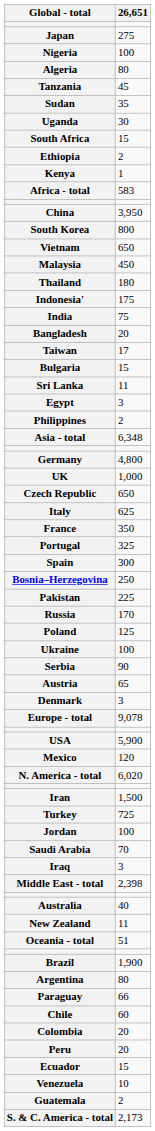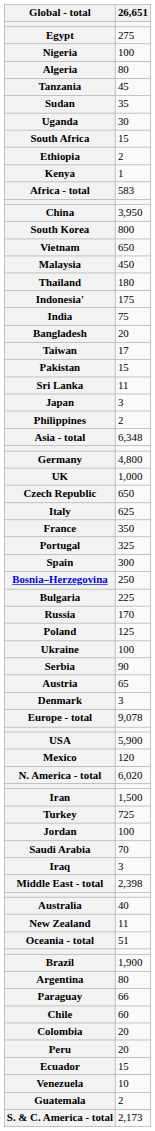 <table class="wikitable sortable collapsible">
 <tr>
 <th>Global - total</th>
 <th>26,651</th>
 </tr>
 <tr>
 <th></th>
 <td></td>
 </tr>
 <tr>
-<th>Japan</th>
+<th>Egypt</th>
 <td>275</td>
 </tr>
 <tr>
 <th>Nigeria</th>
 <td>100</td>
 </tr>
 <tr>
 <th>Algeria</th>
 <td>80</td>
 </tr>
 <tr>
 <th>Tanzania</th>
 <td>45</td>
 </tr>
 <tr>
 <th>Sudan</th>
 <td>35</td>
 </tr>
 <tr>
 <th>Uganda</th>
 <td>30</td>
 </tr>
 <tr>
 <th>South Africa</th>
 <td>15</td>
 </tr>
 <tr>
 <th>Ethiopia</th>
 <td>2</td>
 </tr>
 <tr>
 <th>Kenya</th>
 <td>1</td>
 </tr>
 <tr>
 <th>Africa - total</th>
 <td>583</td>
 </tr>
 <tr>
 <th></th>
 <td></td>
 </tr>
 <tr>
 <th>China</th>
 <td>3,950</td>
 </tr>
 <tr>
 <th>South Korea</th>
 <td>800</td>
 </tr>
 <tr>
 <th>Vietnam</th>
 <td>650</td>
 </tr>
 <tr>
 <th>Malaysia</th>
 <td>450</td>
 </tr>
 <tr>
 <th>Thailand</th>
 <td>180</td>
 </tr>
 <tr>
 <th>Indonesia'</th>
 <td>175</td>
 </tr>
 <tr>
 <th>India</th>
 <td>75</td>
 </tr>
 <tr>
 <th>Bangladesh</th>
 <td>20</td>
 </tr>
 <tr>
 <th>Taiwan</th>
 <td>17</td>
 </tr>
 <tr>
-<th>Bulgaria</th>
+<th>Pakistan</th>
 <td>15</td>
 </tr>
 <tr>
 <th>Sri Lanka</th>
 <td>11</td>
 </tr>
 <tr>
-<th>Egypt</th>
+<th>Japan</th>
 <td>3</td>
 </tr>
 <tr>
 <th>Philippines</th>
 <td>2</td>
 </tr>
 <tr>
 <th>Asia - total</th>
 <td>6,348</td>
 </tr>
 <tr>
 <th></th>
 <td></td>
 </tr>
 <tr>
 <th>Germany</th>
 <td>4,800</td>
 </tr>
 <tr>
 <th>UK</th>
 <td>1,000</td>
 </tr>
 <tr>
 <th>Czech Republic</th>
 <td>650</td>
 </tr>
 <tr>
 <th>Italy</th>
 <td>625</td>
 </tr>
 <tr>
 <th>France</th>
 <td>350</td>
 </tr>
 <tr>
 <th>Portugal</th>
 <td>325</td>
 </tr>
 <tr>
 <th>Spain</th>
 <td>300</td>
 </tr>
 <tr>
 <th><a href='#'>Bosnia–Herzegovina</a></th>
 <td>250</td>
 </tr>
 <tr>
-<th>Pakistan</th>
+<th>Bulgaria</th>
 <td>225</td>
 </tr>
 <tr>
 <th>Russia</th>
 <td>170</td>
 </tr>
 <tr>
 <th>Poland</th>
 <td>125</td>
 </tr>
 <tr>
 <th>Ukraine</th>
 <td>100</td>
 </tr>
 <tr>
 <th>Serbia</th>
 <td>90</td>
 </tr>
 <tr>
 <th>Austria</th>
 <td>65</td>
 </tr>
 <tr>
 <th>Denmark</th>
 <td>3</td>
 </tr>
 <tr>
 <th>Europe - total</th>
 <td>9,078</td>
 </tr>
 <tr>
 <th></th>
 <td></td>
 </tr>
 <tr>
 <th>USA</th>
 <td>5,900</td>
 </tr>
 <tr>
 <th>Mexico</th>
 <td>120</td>
 </tr>
 <tr>
 <th>N. America - total</th>
 <td>6,020</td>
 </tr>
 <tr>
 <th></th>
 <td></td>
 </tr>
 <tr>
 <th>Iran</th>
 <td>1,500</td>
 </tr>
 <tr>
 <th>Turkey</th>
 <td>725</td>
 </tr>
 <tr>
 <th>Jordan</th>
 <td>100</td>
 </tr>
 <tr>
 <th>Saudi Arabia</th>
 <td>70</td>
 </tr>
 <tr>
 <th>Iraq</th>
 <td>3</td>
 </tr>
 <tr>
 <th>Middle East - total</th>
 <td>2,398</td>
 </tr>
 <tr>
 <th></th>
 <td></td>
 </tr>
 <tr>
 <th>Australia</th>
 <td>40</td>
 </tr>
 <tr>
 <th>New Zealand</th>
 <td>11</td>
 </tr>
 <tr>
 <th>Oceania - total</th>
 <td>51</td>
 </tr>
 <tr>
 <th></th>
 <td></td>
 </tr>
 <tr>
 <th>Brazil</th>
 <td>1,900</td>
 </tr>
 <tr>
 <th>Argentina</th>
 <td>80</td>
 </tr>
 <tr>
 <th>Paraguay</th>
 <td>66</td>
 </tr>
 <tr>
 <th>Chile</th>
 <td>60</td>
 </tr>
 <tr>
 <th>Colombia</th>
 <td>20</td>
 </tr>
 <tr>
 <th>Peru</th>
 <td>20</td>
 </tr>
 <tr>
 <th>Ecuador</th>
 <td>15</td>
 </tr>
 <tr>
 <th>Venezuela</th>
 <td>10</td>
 </tr>
 <tr>
 <th>Guatemala</th>
 <td>2</td>
 </tr>
 <tr>
 <th>S. & C. America - total</th>
 <td>2,173</td>
 </tr>
 </table>
